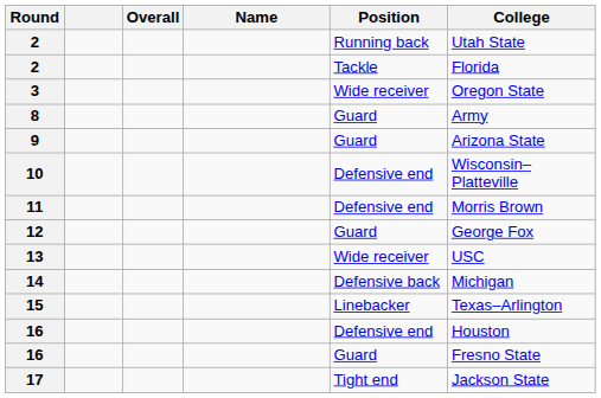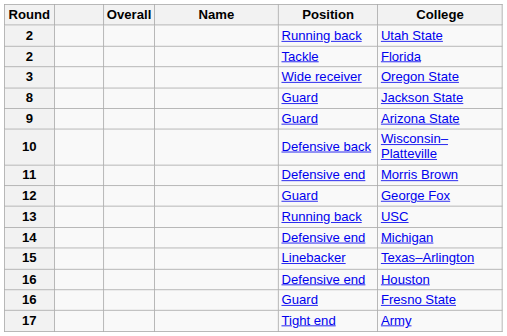 <table class="wikitable sortable">
 <tr>
 <th scope="col" style="width: 10%;">Round</th>
 <th scope="col" style="width: 10%;"></th>
 <th scope="col" style="width: 10%;">Overall</th>
 <th scope="col" style="width: 25%;">Name</th>
 <th scope="col" style="width: 20%;">Position</th>
 <th scope="col" style="width: 25%;">College</th>
 </tr>
 <tr>
 <th scope="row">2</th>
 <td></td>
 <td></td>
 <td></td>
 <td><a href='#'>Running back</a></td>
 <td><a href='#'>Utah State</a></td>
 </tr>
 <tr>
 <th scope="row">2</th>
 <td></td>
 <td></td>
 <td></td>
 <td><a href='#'>Tackle</a></td>
 <td><a href='#'>Florida</a></td>
 </tr>
 <tr>
 <th scope="row">3</th>
 <td></td>
 <td></td>
 <td></td>
 <td><a href='#'>Wide receiver</a></td>
 <td><a href='#'>Oregon State</a></td>
 </tr>
 <tr>
 <th scope="row">8</th>
 <td></td>
 <td></td>
 <td></td>
 <td><a href='#'>Guard</a></td>
-<td><a href='#'>Army</a></td>
+<td><a href='#'>Jackson State</a></td>
 </tr>
 <tr>
 <th scope="row">9</th>
 <td></td>
 <td></td>
 <td></td>
 <td><a href='#'>Guard</a></td>
 <td><a href='#'>Arizona State</a></td>
 </tr>
 <tr>
 <th scope="row">10</th>
 <td></td>
 <td></td>
 <td></td>
-<td><a href='#'>Defensive end</a></td>
+<td><a href='#'>Defensive back</a></td>
 <td><a href='#'>Wisconsin–Platteville</a></td>
 </tr>
 <tr>
 <th scope="row">11</th>
 <td></td>
 <td></td>
 <td></td>
 <td><a href='#'>Defensive end</a></td>
 <td><a href='#'>Morris Brown</a></td>
 </tr>
 <tr>
 <th scope="row">12</th>
 <td></td>
 <td></td>
 <td></td>
 <td><a href='#'>Guard</a></td>
 <td><a href='#'>George Fox</a></td>
 </tr>
 <tr>
 <th scope="row">13</th>
 <td></td>
 <td></td>
 <td></td>
-<td><a href='#'>Wide receiver</a></td>
+<td><a href='#'>Running back</a></td>
 <td><a href='#'>USC</a></td>
 </tr>
 <tr>
 <th scope="row">14</th>
 <td></td>
 <td></td>
 <td></td>
-<td><a href='#'>Defensive back</a></td>
+<td><a href='#'>Defensive end</a></td>
 <td><a href='#'>Michigan</a></td>
 </tr>
 <tr>
 <th scope="row">15</th>
 <td></td>
 <td></td>
 <td></td>
 <td><a href='#'>Linebacker</a></td>
 <td><a href='#'>Texas–Arlington</a></td>
 </tr>
 <tr>
 <th scope="row">16</th>
 <td></td>
 <td></td>
 <td></td>
 <td><a href='#'>Defensive end</a></td>
 <td><a href='#'>Houston</a></td>
 </tr>
 <tr>
 <th scope="row">16</th>
 <td></td>
 <td></td>
 <td></td>
 <td><a href='#'>Guard</a></td>
 <td><a href='#'>Fresno State</a></td>
 </tr>
 <tr>
 <th scope="row">17</th>
 <td></td>
 <td></td>
 <td></td>
 <td><a href='#'>Tight end</a></td>
-<td><a href='#'>Jackson State</a></td>
+<td><a href='#'>Army</a></td>
 </tr>
 </table>
